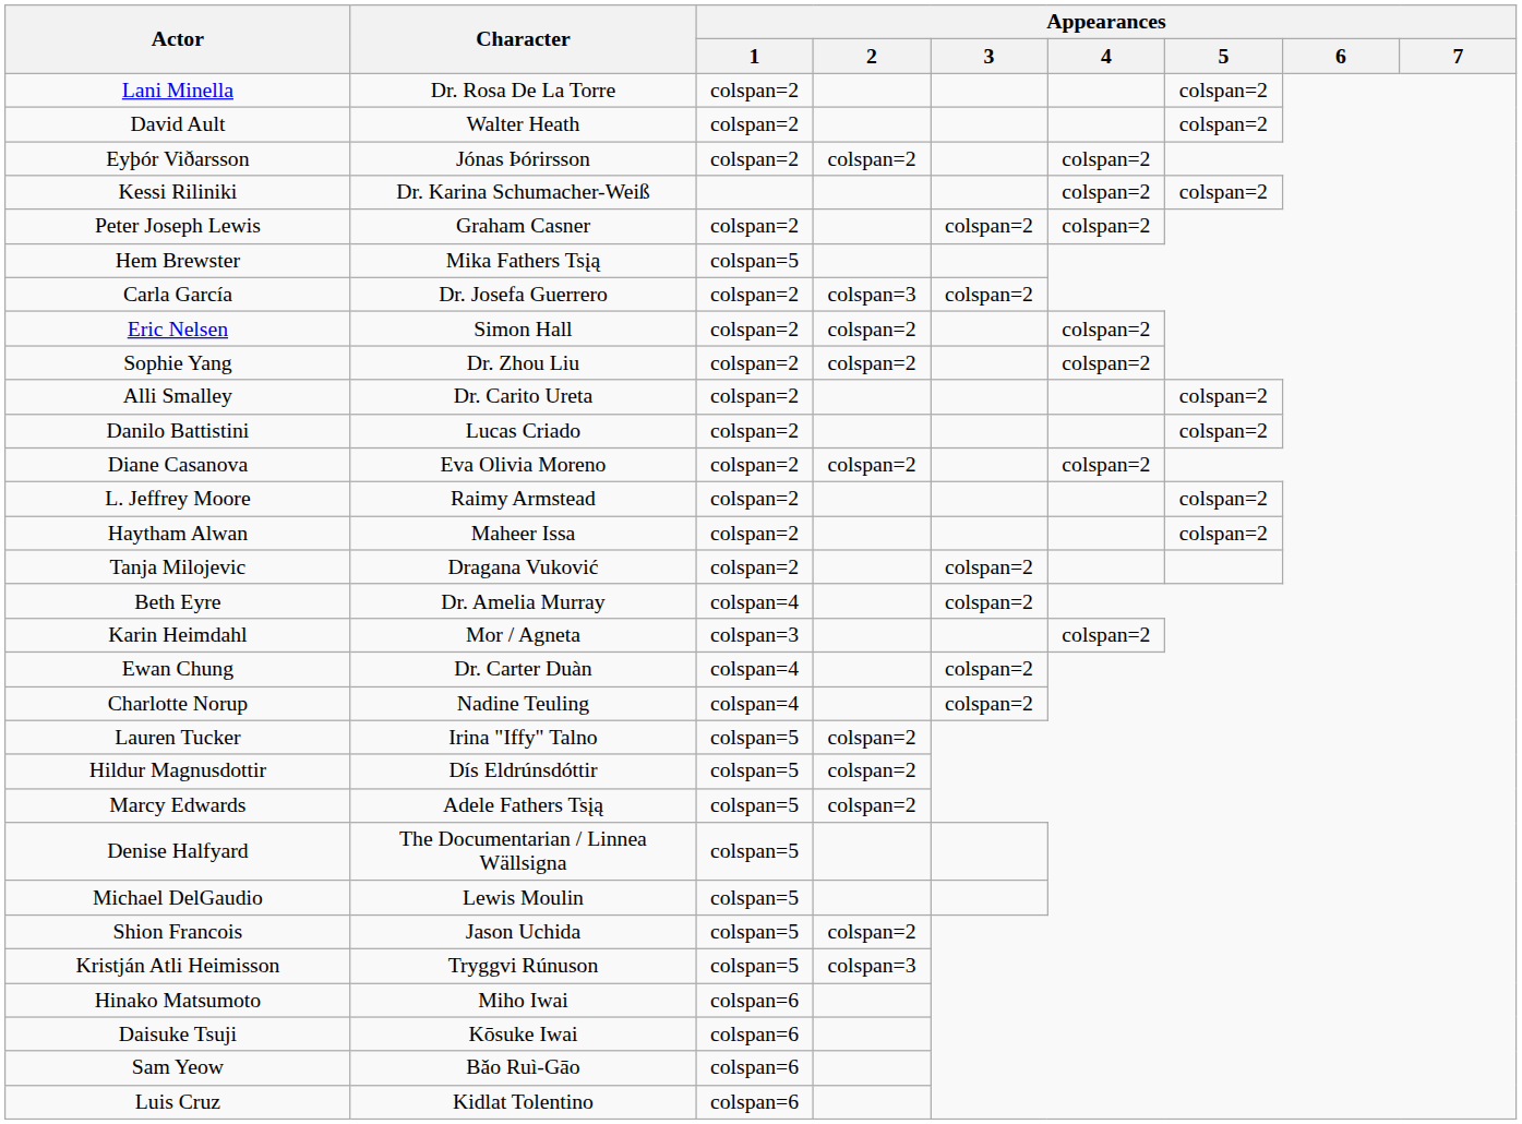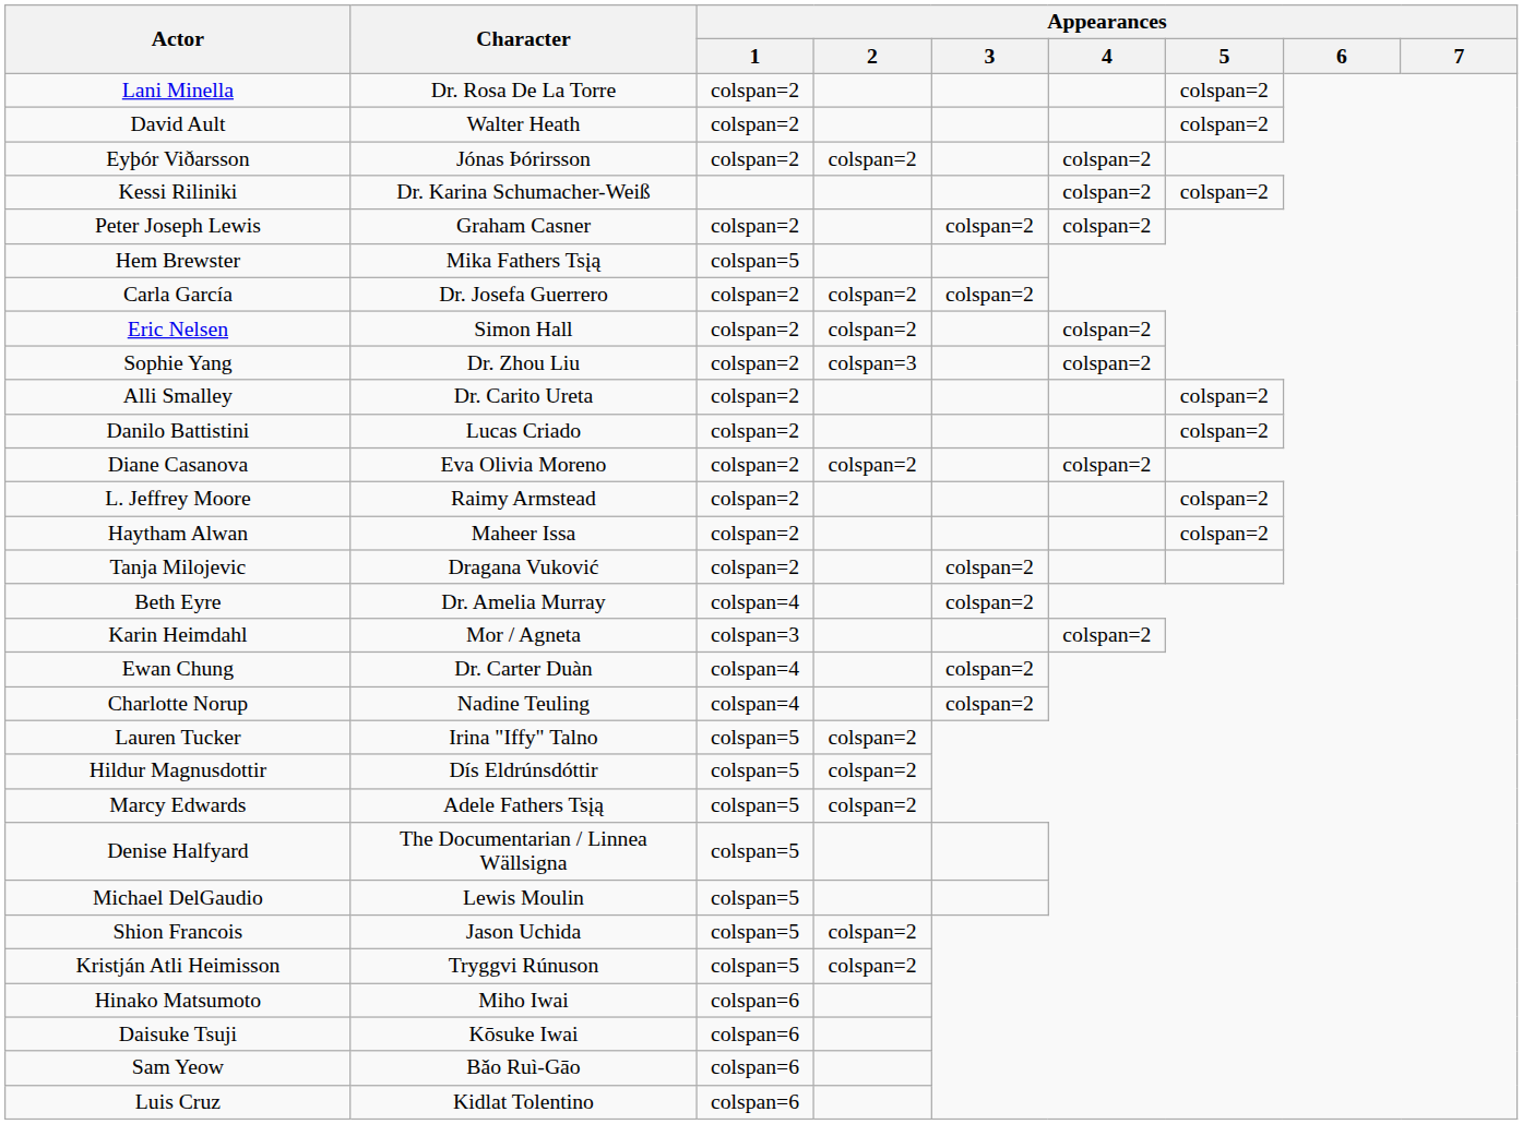 <table class="wikitable" style="text-align:center;">
 <tr>
 <th rowspan=2 style="width:250px;">Actor</th>
 <th rowspan=2 style="width:250px;">Character</th>
 <th colspan=7>Appearances</th>
 </tr>
 <tr>
 <th style="width:80px;">1</th>
 <th style="width:80px;">2</th>
 <th style="width:80px;">3</th>
 <th style="width:80px;">4</th>
 <th style="width:80px;">5</th>
 <th style="width:80px;">6</th>
 <th style="width:80px;">7</th>
 </tr>
 <tr>
 <td><a href='#'>Lani Minella</a></td>
 <td>Dr. Rosa De La Torre</td>
 <td>colspan=2 </td>
 <td></td>
 <td></td>
 <td></td>
 <td>colspan=2 </td>
 </tr>
 <tr>
 <td>David Ault</td>
 <td>Walter Heath</td>
 <td>colspan=2 </td>
 <td></td>
 <td></td>
 <td></td>
 <td>colspan=2 </td>
 </tr>
 <tr>
 <td>Eyþór Viðarsson</td>
 <td>Jónas Þórirsson</td>
 <td>colspan=2 </td>
 <td>colspan=2 </td>
 <td></td>
 <td>colspan=2 </td>
 </tr>
 <tr>
 <td>Kessi Riliniki</td>
 <td>Dr. Karina Schumacher-Weiß</td>
 <td></td>
 <td></td>
 <td></td>
 <td>colspan=2 </td>
 <td>colspan=2 </td>
 </tr>
 <tr>
 <td>Peter Joseph Lewis</td>
 <td>Graham Casner</td>
 <td>colspan=2 </td>
 <td></td>
 <td>colspan=2 </td>
 <td>colspan=2 </td>
 </tr>
 <tr>
 <td>Hem Brewster</td>
 <td>Mika Fathers Tsįą</td>
 <td>colspan=5 </td>
 <td></td>
 <td></td>
 </tr>
 <tr>
 <td>Carla García</td>
 <td>Dr. Josefa Guerrero</td>
 <td>colspan=2 </td>
-<td>colspan=3 </td>
+<td>colspan=2 </td>
 <td>colspan=2 </td>
 </tr>
 <tr>
 <td><a href='#'>Eric Nelsen</a></td>
 <td>Simon Hall</td>
 <td>colspan=2 </td>
 <td>colspan=2 </td>
 <td></td>
 <td>colspan=2 </td>
 </tr>
 <tr>
 <td>Sophie Yang</td>
 <td>Dr. Zhou Liu</td>
 <td>colspan=2 </td>
-<td>colspan=2 </td>
+<td>colspan=3 </td>
 <td></td>
 <td>colspan=2 </td>
 </tr>
 <tr>
 <td>Alli Smalley</td>
 <td>Dr. Carito Ureta</td>
 <td>colspan=2 </td>
 <td></td>
 <td></td>
 <td></td>
 <td>colspan=2 </td>
 </tr>
 <tr>
 <td>Danilo Battistini</td>
 <td>Lucas Criado</td>
 <td>colspan=2 </td>
 <td></td>
 <td></td>
 <td></td>
 <td>colspan=2 </td>
 </tr>
 <tr>
 <td>Diane Casanova</td>
 <td>Eva Olivia Moreno</td>
 <td>colspan=2 </td>
 <td>colspan=2 </td>
 <td></td>
 <td>colspan=2 </td>
 </tr>
 <tr>
 <td>L. Jeffrey Moore</td>
 <td>Raimy Armstead</td>
 <td>colspan=2 </td>
 <td></td>
 <td></td>
 <td></td>
 <td>colspan=2 </td>
 </tr>
 <tr>
 <td>Haytham Alwan</td>
 <td>Maheer Issa</td>
 <td>colspan=2 </td>
 <td></td>
 <td></td>
 <td></td>
 <td>colspan=2 </td>
 </tr>
 <tr>
 <td>Tanja Milojevic</td>
 <td>Dragana Vuković</td>
 <td>colspan=2 </td>
 <td></td>
 <td>colspan=2 </td>
 <td></td>
 <td></td>
 </tr>
 <tr>
 <td>Beth Eyre</td>
 <td>Dr. Amelia Murray</td>
 <td>colspan=4 </td>
 <td></td>
 <td>colspan=2 </td>
 </tr>
 <tr>
 <td>Karin Heimdahl</td>
 <td>Mor / Agneta</td>
 <td>colspan=3 </td>
 <td></td>
 <td></td>
 <td>colspan=2 </td>
 </tr>
 <tr>
 <td>Ewan Chung</td>
 <td>Dr. Carter Duàn</td>
 <td>colspan=4 </td>
 <td></td>
 <td>colspan=2 </td>
 </tr>
 <tr>
 <td>Charlotte Norup</td>
 <td>Nadine Teuling</td>
 <td>colspan=4 </td>
 <td></td>
 <td>colspan=2 </td>
 </tr>
 <tr>
 <td>Lauren Tucker</td>
 <td>Irina "Iffy" Talno</td>
 <td>colspan=5 </td>
 <td>colspan=2 </td>
 </tr>
 <tr>
 <td>Hildur Magnusdottir</td>
 <td>Dís Eldrúnsdóttir</td>
 <td>colspan=5 </td>
 <td>colspan=2 </td>
 </tr>
 <tr>
 <td>Marcy Edwards</td>
 <td>Adele Fathers Tsįą</td>
 <td>colspan=5 </td>
 <td>colspan=2 </td>
 </tr>
 <tr>
 <td>Denise Halfyard</td>
 <td>The Documentarian / Linnea Wällsigna</td>
 <td>colspan=5 </td>
 <td></td>
 <td></td>
 </tr>
 <tr>
 <td>Michael DelGaudio</td>
 <td>Lewis Moulin</td>
 <td>colspan=5 </td>
 <td></td>
 <td></td>
 </tr>
 <tr>
 <td>Shion Francois</td>
 <td>Jason Uchida</td>
 <td>colspan=5 </td>
 <td>colspan=2 </td>
 </tr>
 <tr>
 <td>Kristján Atli Heimisson</td>
 <td>Tryggvi Rúnuson</td>
 <td>colspan=5 </td>
-<td>colspan=3 </td>
+<td>colspan=2 </td>
 </tr>
 <tr>
 <td>Hinako Matsumoto</td>
 <td>Miho Iwai</td>
 <td>colspan=6 </td>
 <td></td>
 </tr>
 <tr>
 <td>Daisuke Tsuji</td>
 <td>Kōsuke Iwai</td>
 <td>colspan=6 </td>
 <td></td>
 </tr>
 <tr>
 <td>Sam Yeow</td>
 <td>Bǎo Ruì-Gāo</td>
 <td>colspan=6 </td>
 <td></td>
 </tr>
 <tr>
 <td>Luis Cruz</td>
 <td>Kidlat Tolentino</td>
 <td>colspan=6 </td>
 <td></td>
 </tr>
 </table>
